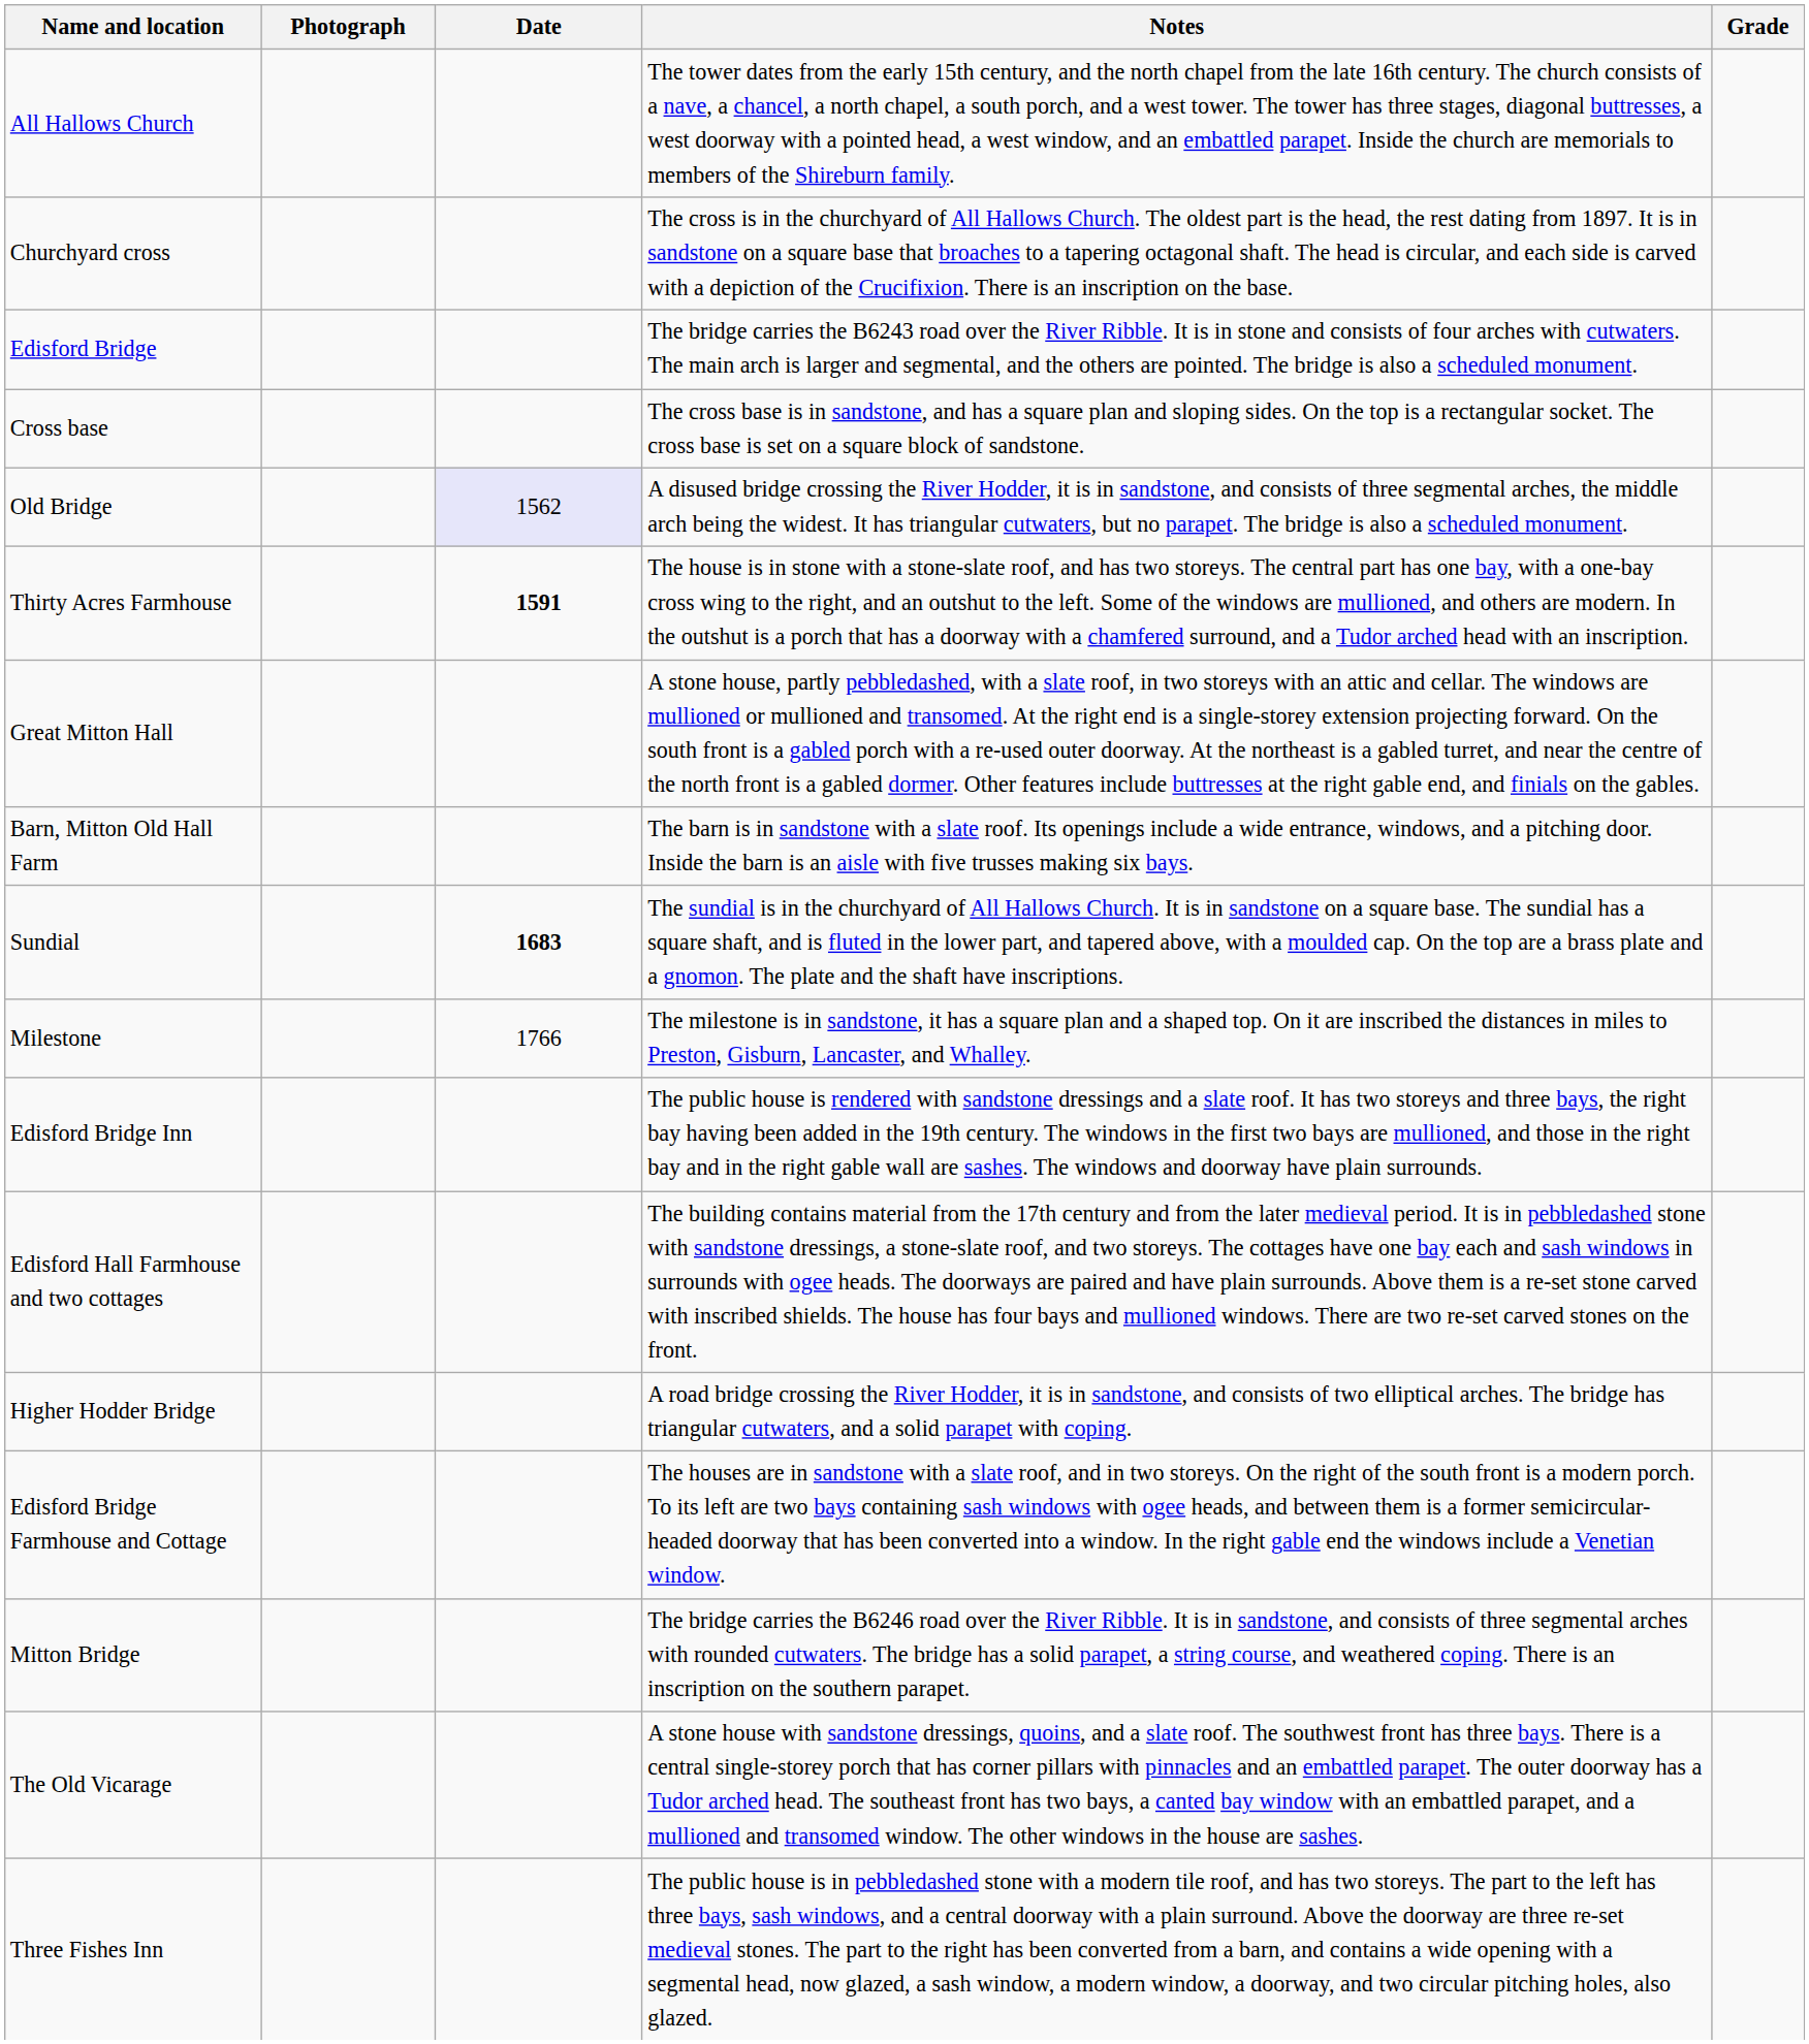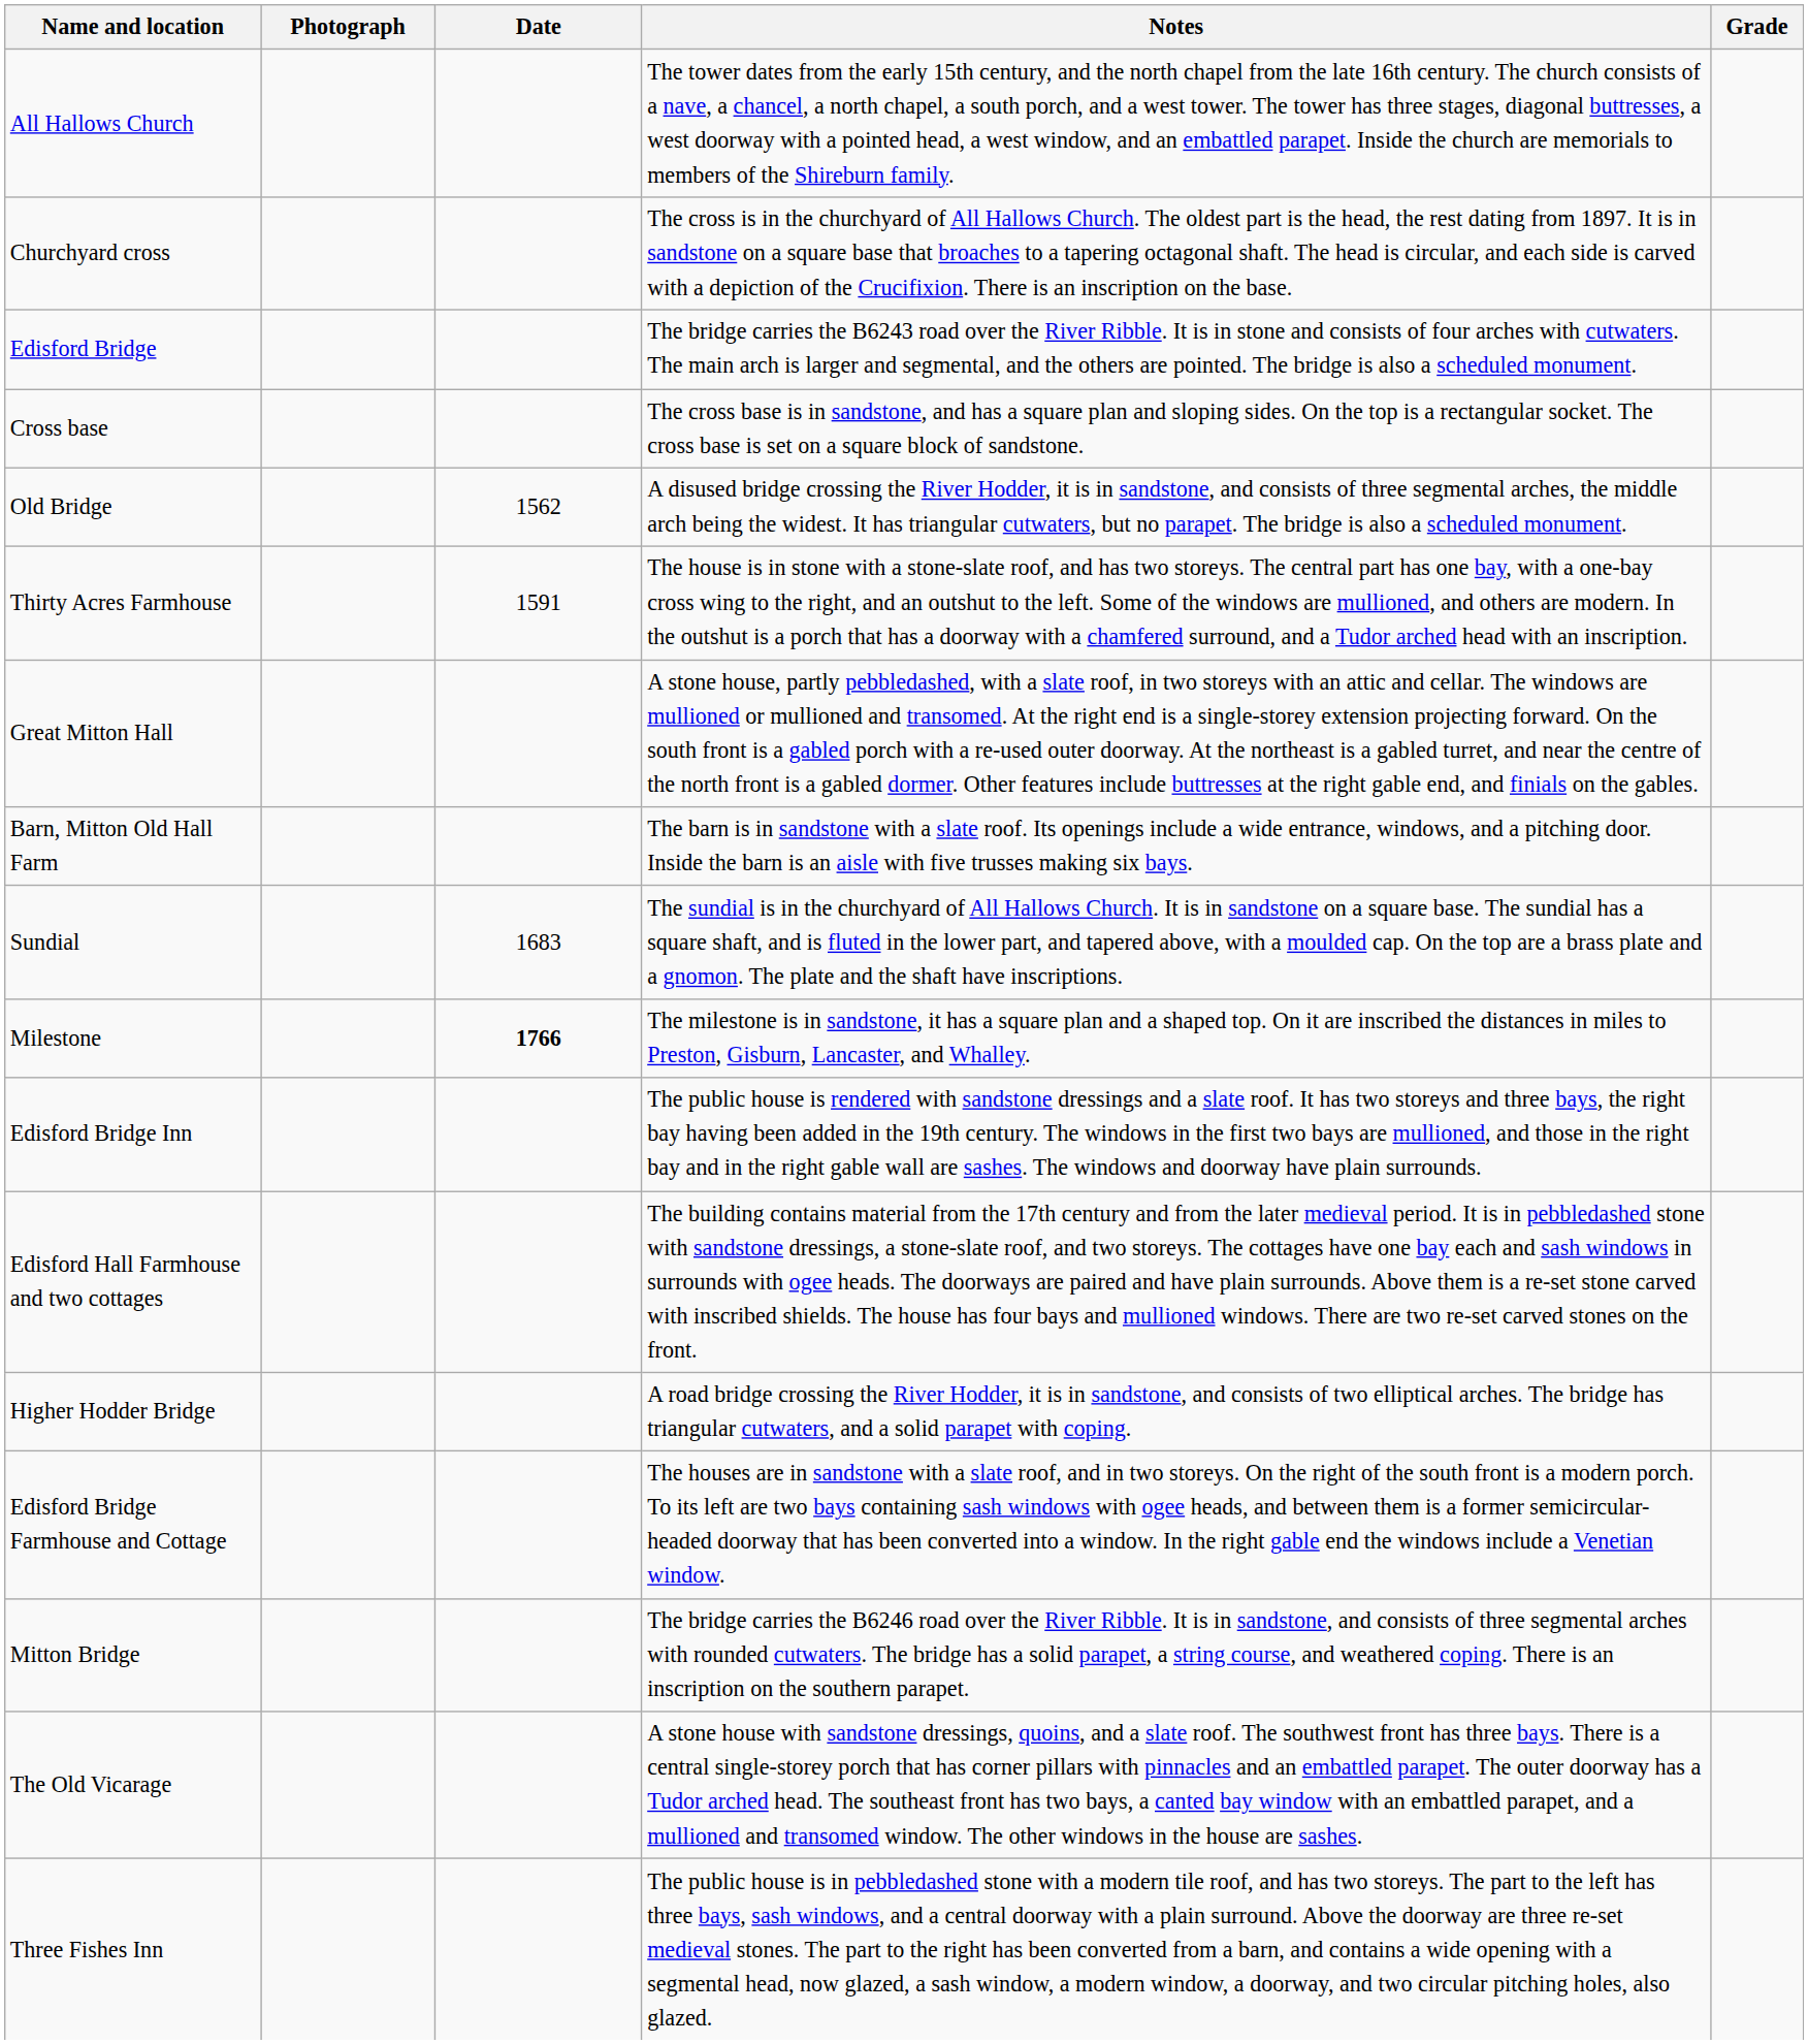 <table class="wikitable sortable plainrowheaders" style="width:100%;border:0px;text-align:left;line-height:150%;">
 <tr>
 <th scope="col"  style="width:150px">Name and location</th>
 <th scope="col"  style="width:100px" class="unsortable">Photograph</th>
 <th scope="col"  style="width:120px">Date</th>
 <th scope="col"  style="width:650px" class="unsortable">Notes</th>
 <th scope="col"  style="width:50px">Grade</th>
 </tr>
 <tr>
 <td><a href='#'>All Hallows Church</a><br><small></small></td>
 <td></td>
 <td align="center"></td>
 <td>The tower dates from the early 15th century, and the north chapel from the late 16th century.  The church consists of a <a href='#'>nave</a>, a <a href='#'>chancel</a>, a north chapel, a south porch, and a west tower.  The tower has three stages, diagonal <a href='#'>buttresses</a>, a west doorway with a pointed head, a west window, and an <a href='#'>embattled</a> <a href='#'>parapet</a>.  Inside the church are memorials to members of the <a href='#'>Shireburn family</a>.</td>
 <td align="center" ></td>
 </tr>
 <tr>
 <td>Churchyard cross<br><small></small></td>
 <td></td>
 <td align="center"></td>
 <td>The cross is in the churchyard of <a href='#'>All Hallows Church</a>.  The oldest part is the head, the rest dating from 1897.  It is in <a href='#'>sandstone</a> on a square base that <a href='#'>broaches</a> to a tapering octagonal shaft.  The head is circular, and each side is carved with a depiction of the <a href='#'>Crucifixion</a>.  There is an inscription on the base.</td>
 <td align="center" ></td>
 </tr>
 <tr>
 <td><a href='#'>Edisford Bridge</a><br><small></small></td>
 <td></td>
 <td align="center"></td>
 <td>The bridge carries the B6243 road over the <a href='#'>River Ribble</a>.  It is in stone and consists of four arches with <a href='#'>cutwaters</a>.  The main arch is larger and segmental, and the others are pointed.  The bridge is also a <a href='#'>scheduled monument</a>.</td>
 <td align="center" ></td>
 </tr>
 <tr>
 <td>Cross base<br><small></small></td>
 <td></td>
 <td align="center"></td>
 <td>The cross base is in <a href='#'>sandstone</a>, and has a square plan and sloping sides.  On the top is a rectangular socket.  The cross base is set on a square block of sandstone.</td>
 <td align="center" ></td>
 </tr>
 <tr>
 <td>Old Bridge<br><small></small></td>
 <td></td>
-<td align="center" style="background: lavender;">1562</td>
+<td align="center">1562</td>
 <td>A disused bridge crossing the <a href='#'>River Hodder</a>, it is in <a href='#'>sandstone</a>, and consists of three segmental arches, the middle arch being the widest.  It has triangular <a href='#'>cutwaters</a>, but no <a href='#'>parapet</a>.  The bridge is also a <a href='#'>scheduled monument</a>.</td>
 <td align="center" ></td>
 </tr>
 <tr>
 <td>Thirty Acres Farmhouse<br><small></small></td>
 <td></td>
-<td align="center"><strong>1591</strong></td>
+<td align="center">1591</td>
 <td>The house is in stone with a stone-slate roof, and has two storeys.  The central part has one <a href='#'>bay</a>, with a one-bay cross wing to the right, and an outshut to the left.  Some of the windows are <a href='#'>mullioned</a>, and others are modern.  In the outshut is a porch that has a doorway with a <a href='#'>chamfered</a> surround, and a <a href='#'>Tudor arched</a> head with an inscription.</td>
 <td align="center" ></td>
 </tr>
 <tr>
 <td>Great Mitton Hall<br><small></small></td>
 <td></td>
 <td align="center"></td>
 <td>A stone house, partly <a href='#'>pebbledashed</a>, with a <a href='#'>slate</a> roof, in two storeys with an attic and cellar.  The windows are <a href='#'>mullioned</a> or mullioned and <a href='#'>transomed</a>.  At the right end is a single-storey extension projecting forward.  On the south front is a <a href='#'>gabled</a> porch with a re-used outer doorway.  At the northeast is a gabled turret, and near the centre of the north front is a gabled <a href='#'>dormer</a>.  Other features include <a href='#'>buttresses</a> at the right gable end, and <a href='#'>finials</a> on the gables.</td>
 <td align="center" ></td>
 </tr>
 <tr>
 <td>Barn, Mitton Old Hall Farm<br><small></small></td>
 <td></td>
 <td align="center"></td>
 <td>The barn is in <a href='#'>sandstone</a> with a <a href='#'>slate</a> roof.  Its openings include a wide entrance, windows, and a pitching door.  Inside the barn is an <a href='#'>aisle</a> with five trusses making six <a href='#'>bays</a>.</td>
 <td align="center" ></td>
 </tr>
 <tr>
 <td>Sundial<br><small></small></td>
 <td></td>
-<td align="center"><strong>1683</strong></td>
+<td align="center">1683</td>
 <td>The <a href='#'>sundial</a> is in the churchyard of <a href='#'>All Hallows Church</a>.  It is in <a href='#'>sandstone</a> on a square base.  The sundial has a square shaft, and is <a href='#'>fluted</a> in the lower part, and tapered above, with a <a href='#'>moulded</a> cap.  On the top are a brass plate and a <a href='#'>gnomon</a>.  The plate and the shaft have inscriptions.</td>
 <td align="center" ></td>
 </tr>
 <tr>
 <td>Milestone<br><small></small></td>
 <td></td>
-<td align="center">1766</td>
+<td align="center"><strong>1766</strong></td>
 <td>The milestone is in <a href='#'>sandstone</a>, it has a square plan and a shaped top.  On it are inscribed the distances in miles to <a href='#'>Preston</a>, <a href='#'>Gisburn</a>, <a href='#'>Lancaster</a>, and <a href='#'>Whalley</a>.</td>
 <td align="center" ></td>
 </tr>
 <tr>
 <td>Edisford Bridge Inn<br><small></small></td>
 <td></td>
 <td align="center"></td>
 <td>The public house is <a href='#'>rendered</a> with <a href='#'>sandstone</a> dressings and a <a href='#'>slate</a> roof.  It has two storeys and three <a href='#'>bays</a>, the right bay having been added in the 19th century.  The windows in the first two bays are <a href='#'>mullioned</a>, and those in the right bay and in the right gable wall are <a href='#'>sashes</a>.  The windows and doorway have plain surrounds.</td>
 <td align="center" ></td>
 </tr>
 <tr>
 <td>Edisford Hall Farmhouse and two cottages<br><small></small></td>
 <td></td>
 <td align="center"></td>
 <td>The building contains material from the 17th century and from the later <a href='#'>medieval</a> period.  It is in <a href='#'>pebbledashed</a> stone with <a href='#'>sandstone</a> dressings, a stone-slate roof, and two storeys.  The cottages have one <a href='#'>bay</a> each and <a href='#'>sash windows</a> in surrounds with <a href='#'>ogee</a> heads.  The doorways are paired and have plain surrounds.  Above them is a re-set stone carved with inscribed shields.  The house has four bays and <a href='#'>mullioned</a> windows.  There are two re-set carved stones on the front.</td>
 <td align="center" ></td>
 </tr>
 <tr>
 <td>Higher Hodder Bridge<br><small></small></td>
 <td></td>
 <td align="center"></td>
 <td>A road bridge crossing the <a href='#'>River Hodder</a>, it is in <a href='#'>sandstone</a>, and consists of two elliptical arches.  The bridge has triangular <a href='#'>cutwaters</a>, and a solid <a href='#'>parapet</a> with <a href='#'>coping</a>.</td>
 <td align="center" ></td>
 </tr>
 <tr>
 <td>Edisford Bridge Farmhouse and Cottage<br><small></small></td>
 <td></td>
 <td align="center"></td>
 <td>The houses are in <a href='#'>sandstone</a> with a <a href='#'>slate</a> roof, and in two storeys.  On the right of the south front is a modern porch.  To its left are two <a href='#'>bays</a> containing <a href='#'>sash windows</a> with <a href='#'>ogee</a> heads, and between them is a former semicircular-headed doorway that has been converted into a window.  In the right <a href='#'>gable</a> end the windows include a <a href='#'>Venetian window</a>.</td>
 <td align="center" ></td>
 </tr>
 <tr>
 <td>Mitton Bridge<br><small></small></td>
 <td></td>
 <td align="center"></td>
 <td>The bridge carries the B6246 road over the <a href='#'>River Ribble</a>.  It is in <a href='#'>sandstone</a>, and consists of three segmental arches with rounded <a href='#'>cutwaters</a>.  The bridge has a solid <a href='#'>parapet</a>, a <a href='#'>string course</a>, and weathered <a href='#'>coping</a>.  There is an inscription on the southern parapet.</td>
 <td align="center" ></td>
 </tr>
 <tr>
 <td>The Old Vicarage<br><small></small></td>
 <td></td>
 <td align="center"></td>
 <td>A stone house with <a href='#'>sandstone</a> dressings, <a href='#'>quoins</a>, and a <a href='#'>slate</a> roof.  The southwest front has three <a href='#'>bays</a>.  There is a central single-storey porch that has corner pillars with <a href='#'>pinnacles</a> and an <a href='#'>embattled</a> <a href='#'>parapet</a>.  The outer doorway has a <a href='#'>Tudor arched</a> head.  The southeast front has two bays, a <a href='#'>canted</a> <a href='#'>bay window</a> with an embattled parapet, and a <a href='#'>mullioned</a> and <a href='#'>transomed</a> window.  The other windows in the house are <a href='#'>sashes</a>.</td>
 <td align="center" ></td>
 </tr>
 <tr>
 <td>Three Fishes Inn<br><small></small></td>
 <td></td>
 <td align="center"></td>
 <td>The public house is in <a href='#'>pebbledashed</a> stone with a modern tile roof, and has two storeys.  The part to the left has three <a href='#'>bays</a>, <a href='#'>sash windows</a>, and a central doorway with a plain surround.  Above the doorway are three re-set <a href='#'>medieval</a> stones.  The part to the right has been converted from a barn, and contains a wide opening with a segmental head, now glazed, a sash window, a modern window, a doorway, and two circular pitching holes, also glazed.</td>
 <td align="center" ></td>
 </tr>
 <tr>
 </tr>
 </table>
